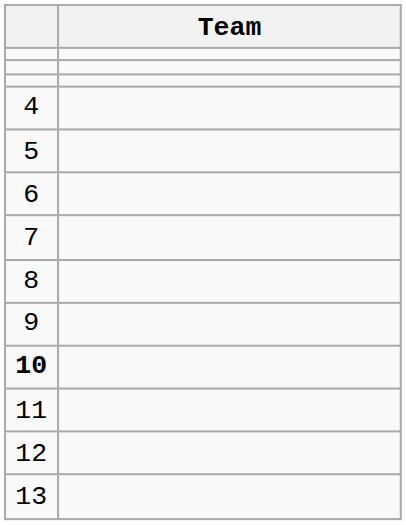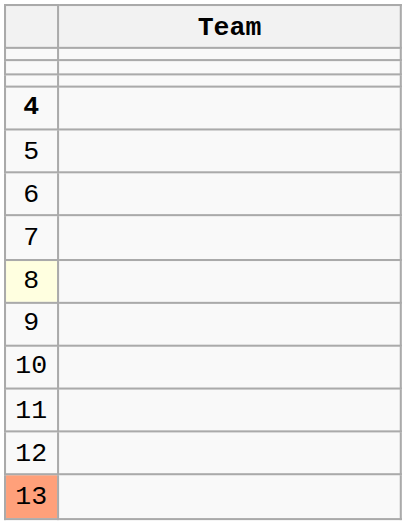 <table class="wikitable" style="text-align:center;">
 <tr>
 <th style="width:1.5em;"></th>
 <th style="width:12.5em">Team</th>
 </tr>
 <tr>
 <td></td>
 <td align="left"></td>
 </tr>
 <tr>
 <td></td>
 <td align="left"></td>
 </tr>
 <tr>
 <td></td>
 <td align="left"></td>
 </tr>
 <tr>
-<td>4</td>
+<td><strong>4</strong></td>
 <td align="left"></td>
 </tr>
 <tr>
 <td>5</td>
 <td align="left"></td>
 </tr>
 <tr>
 <td>6</td>
 <td align="left"></td>
 </tr>
 <tr>
 <td>7</td>
 <td align="left"></td>
 </tr>
 <tr>
-<td>8</td>
+<td style="background: lightyellow;">8</td>
 <td align="left"></td>
 </tr>
 <tr>
 <td>9</td>
 <td align="left"></td>
 </tr>
 <tr>
-<td><strong>10</strong></td>
+<td>10</td>
 <td align="left"></td>
 </tr>
 <tr>
 <td>11</td>
 <td align="left"></td>
 </tr>
 <tr>
 <td>12</td>
 <td align="left"></td>
 </tr>
 <tr>
-<td>13</td>
+<td style="background: lightsalmon;">13</td>
 <td align="left"></td>
 </tr>
 </table>
